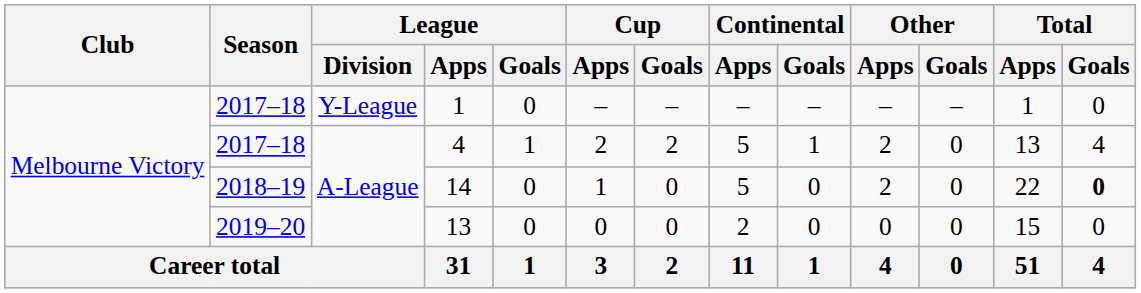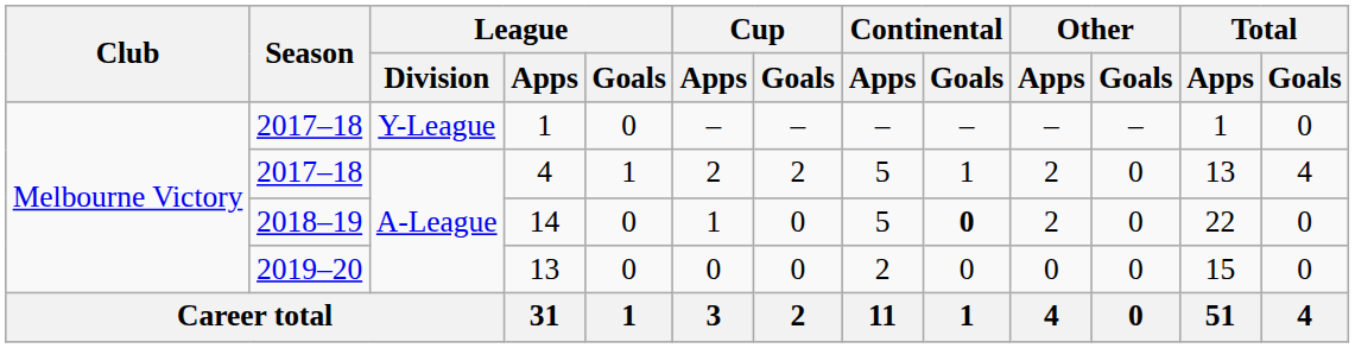 <table class="wikitable" border="1" style="font-size:100%; text-align: center;">
 <tr>
 <th rowspan="2">Club</th>
 <th rowspan="2">Season</th>
 <th colspan="3">League</th>
 <th colspan="2">Cup</th>
 <th colspan="2">Continental</th>
 <th colspan="2">Other</th>
 <th colspan="2">Total</th>
 </tr>
 <tr>
 <th>Division</th>
 <th>Apps</th>
 <th>Goals</th>
 <th>Apps</th>
 <th>Goals</th>
 <th>Apps</th>
 <th>Goals</th>
 <th>Apps</th>
 <th>Goals</th>
 <th>Apps</th>
 <th>Goals</th>
 </tr>
 <tr>
 <td rowspan="4" valign="middle"><a href='#'>Melbourne Victory</a></td>
 <td><a href='#'>2017–18</a></td>
 <td><a href='#'>Y-League</a></td>
 <td>1</td>
 <td>0</td>
 <td>–</td>
 <td>–</td>
 <td>–</td>
 <td>–</td>
 <td>–</td>
 <td>–</td>
 <td>1</td>
 <td>0</td>
 </tr>
 <tr>
 <td><a href='#'>2017–18</a></td>
 <td rowspan="3" valign="middle"><a href='#'>A-League</a></td>
 <td>4</td>
 <td>1</td>
 <td>2</td>
 <td>2</td>
 <td>5</td>
 <td>1</td>
 <td>2</td>
 <td>0</td>
 <td>13</td>
 <td>4</td>
 </tr>
 <tr>
 <td><a href='#'>2018–19</a></td>
 <td>14</td>
 <td>0</td>
 <td>1</td>
 <td>0</td>
 <td>5</td>
-<td>0</td>
+<td><strong>0</strong></td>
 <td>2</td>
 <td>0</td>
 <td>22</td>
-<td><strong>0</strong></td>
+<td>0</td>
 </tr>
 <tr>
 <td><a href='#'>2019–20</a></td>
 <td>13</td>
 <td>0</td>
 <td>0</td>
 <td>0</td>
 <td>2</td>
 <td>0</td>
 <td>0</td>
 <td>0</td>
 <td>15</td>
 <td>0</td>
 </tr>
 <tr>
 <th colspan="3">Career total</th>
 <th>31</th>
 <th>1</th>
 <th>3</th>
 <th>2</th>
 <th>11</th>
 <th>1</th>
 <th>4</th>
 <th>0</th>
 <th>51</th>
 <th>4</th>
 </tr>
 </table>
